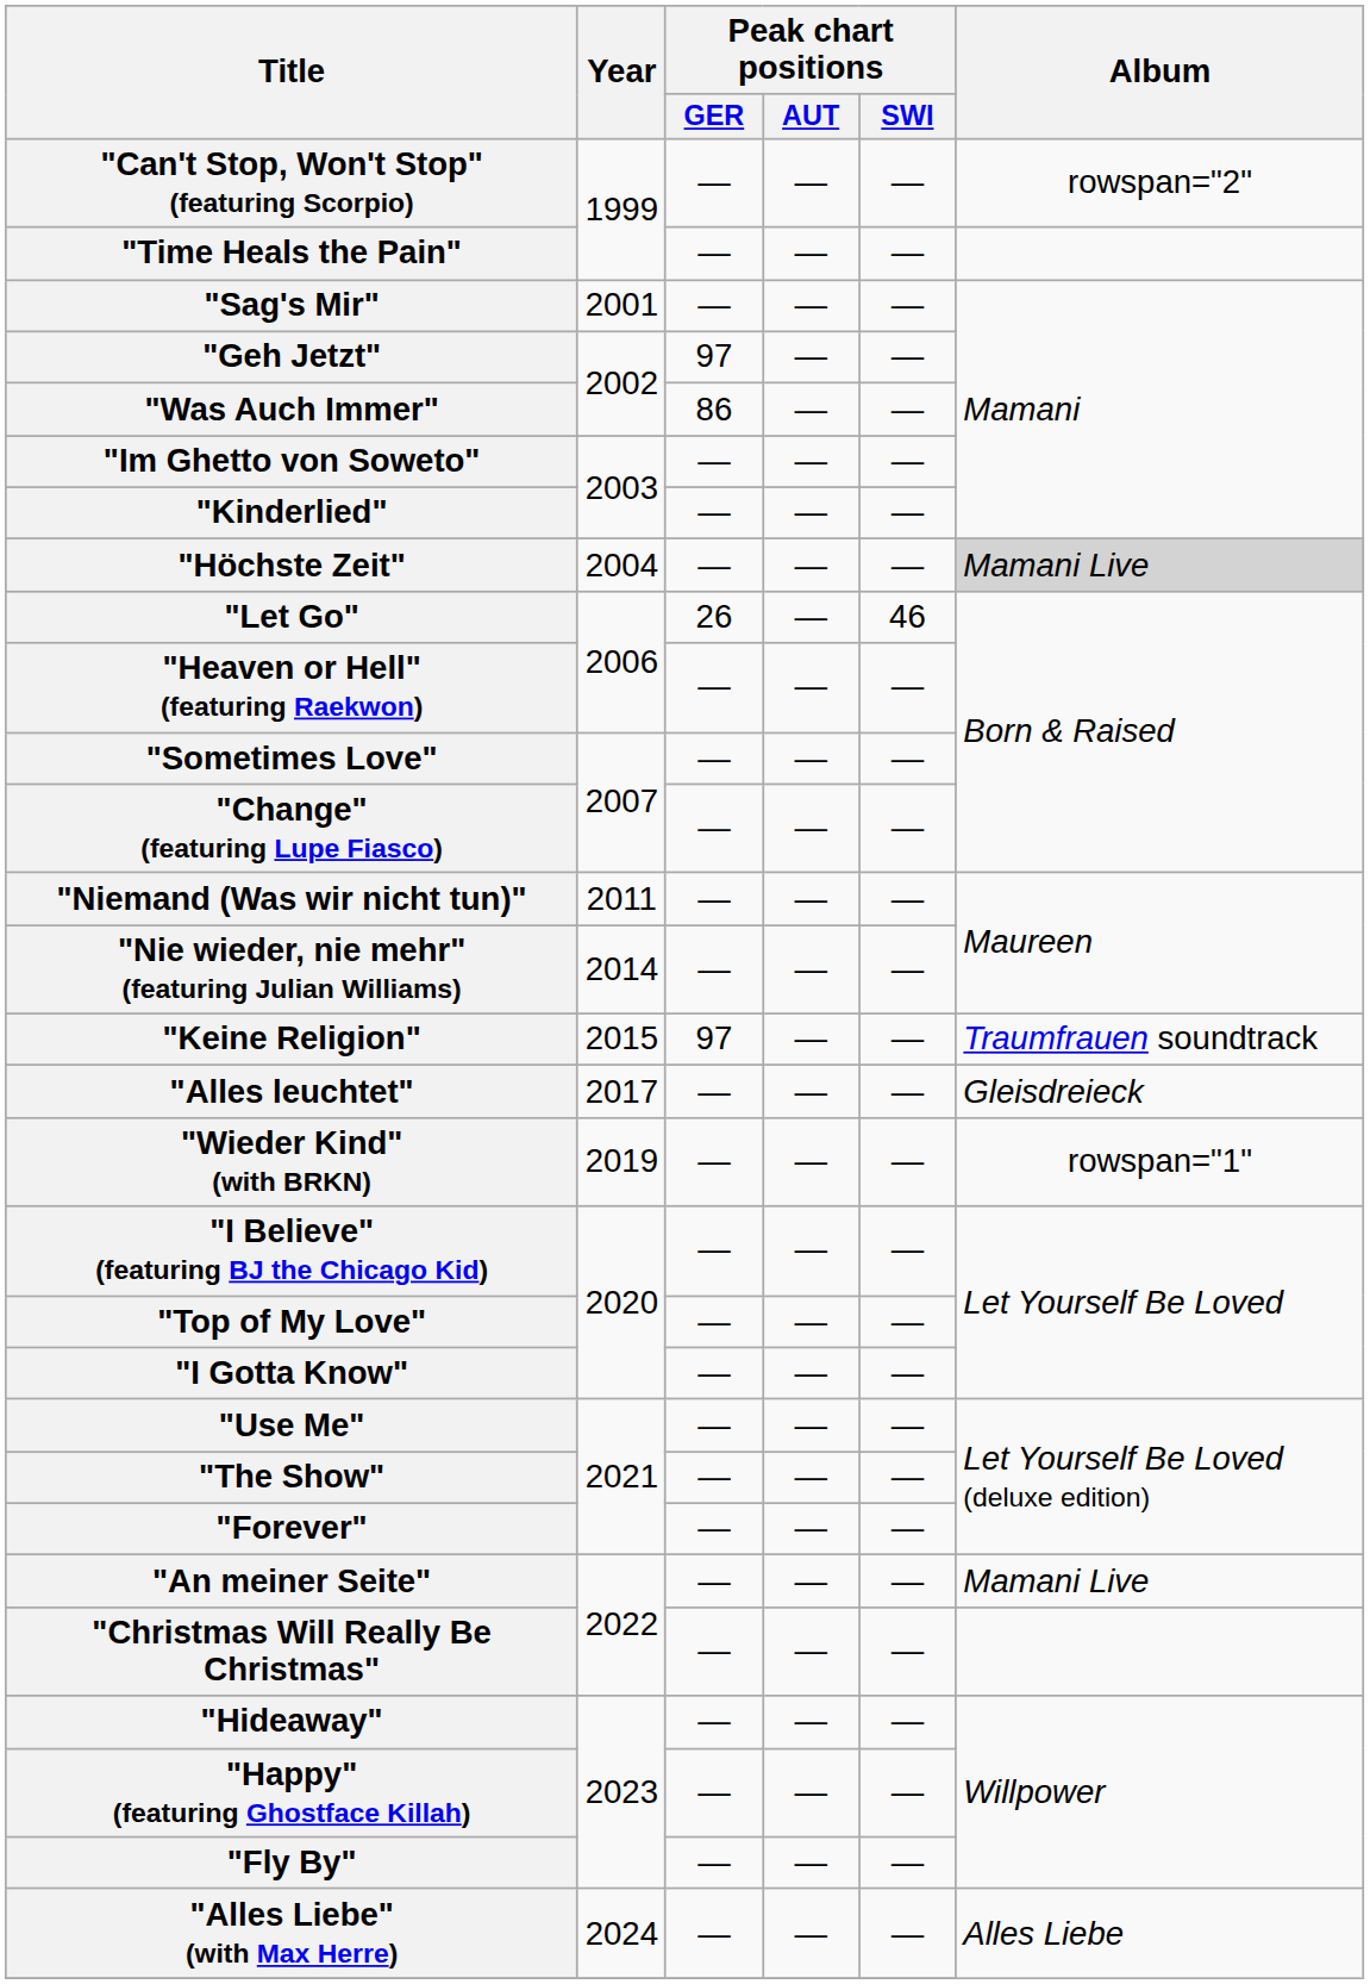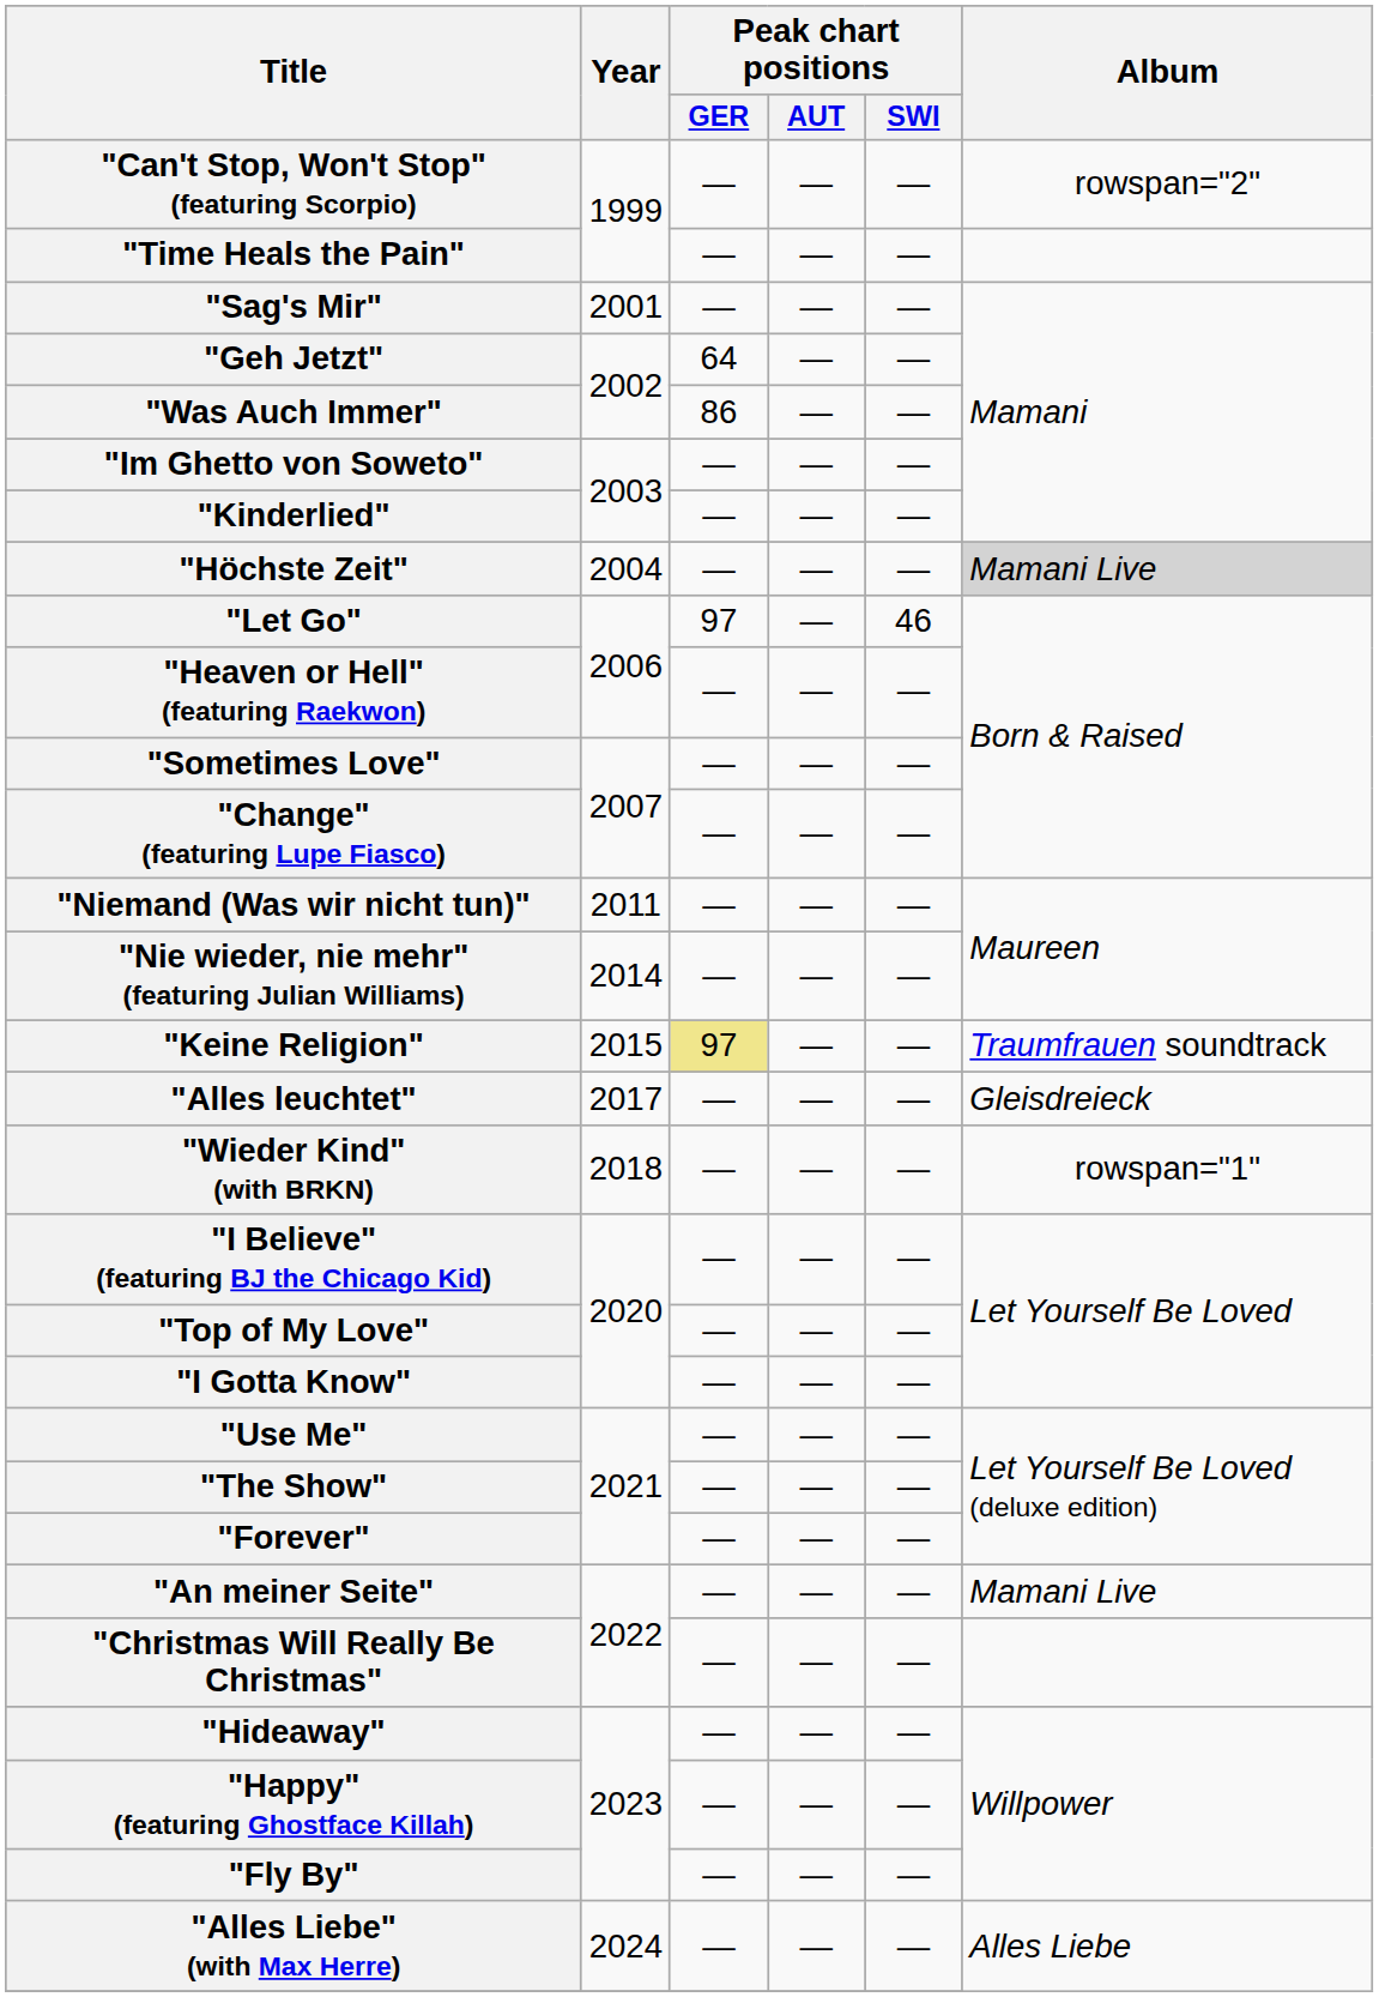 <table class="wikitable plainrowheaders" style="text-align:center;">
 <tr>
 <th scope="col" rowspan="2" style="width:17em;">Title</th>
 <th scope="col" rowspan="2">Year</th>
 <th scope="col" colspan="3">Peak chart positions</th>
 <th scope="col" rowspan="2" style="width:12em;">Album</th>
 </tr>
 <tr>
 <th style="width:3em;font-size:85%"><a href='#'>GER</a><br></th>
 <th style="width:3em;font-size:85%"><a href='#'>AUT</a><br></th>
 <th style="width:3em;font-size:85%"><a href='#'>SWI</a><br></th>
 </tr>
 <tr>
 <th scope="row">"Can't Stop, Won't Stop" <br><small>(featuring Scorpio)</small></th>
 <td style="text-align:center;" rowspan="2">1999</td>
 <td style="text-align:center;">—</td>
 <td style="text-align:center;">—</td>
 <td style="text-align:center;">—</td>
 <td>rowspan="2" </td>
 </tr>
 <tr>
 <th scope="row">"Time Heals the Pain"</th>
 <td style="text-align:center;">—</td>
 <td style="text-align:center;">—</td>
 <td style="text-align:center;">—</td>
 </tr>
 <tr>
 <th scope="row">"Sag's Mir"</th>
 <td style="text-align:center;">2001</td>
 <td style="text-align:center;">—</td>
 <td style="text-align:center;">—</td>
 <td style="text-align:center;">—</td>
 <td style="text-align:left;" rowspan="5"><em>Mamani</em></td>
 </tr>
 <tr>
 <th scope="row">"Geh Jetzt"</th>
 <td style="text-align:center;" rowspan="2">2002</td>
-<td style="text-align:center;">97</td>
+<td style="text-align:center;">64</td>
 <td style="text-align:center;">—</td>
 <td style="text-align:center;">—</td>
 </tr>
 <tr>
 <th scope="row">"Was Auch Immer"</th>
 <td style="text-align:center;">86</td>
 <td style="text-align:center;">—</td>
 <td style="text-align:center;">—</td>
 </tr>
 <tr>
 <th scope="row">"Im Ghetto von Soweto"</th>
 <td style="text-align:center;" rowspan="2">2003</td>
 <td style="text-align:center;">—</td>
 <td style="text-align:center;">—</td>
 <td style="text-align:center;">—</td>
 </tr>
 <tr>
 <th scope="row">"Kinderlied"</th>
 <td style="text-align:center;">—</td>
 <td style="text-align:center;">—</td>
 <td style="text-align:center;">—</td>
 </tr>
 <tr>
 <th scope="row">"Höchste Zeit"</th>
 <td style="text-align:center;">2004</td>
 <td style="text-align:center;">—</td>
 <td style="text-align:center;">—</td>
 <td style="text-align:center;">—</td>
 <td style="background: lightgrey; text-align:left;"><em>Mamani Live</em></td>
 </tr>
 <tr>
 <th scope="row">"Let Go"</th>
 <td style="text-align:center;" rowspan="2">2006</td>
-<td style="text-align:center;">26</td>
+<td style="text-align:center;">97</td>
 <td style="text-align:center;">—</td>
 <td style="text-align:center;">46</td>
 <td style="text-align:left;" rowspan="4"><em>Born & Raised</em></td>
 </tr>
 <tr>
 <th scope="row">"Heaven or Hell" <br><small>(featuring <a href='#'>Raekwon</a>)</small></th>
 <td style="text-align:center;">—</td>
 <td style="text-align:center;">—</td>
 <td style="text-align:center;">—</td>
 </tr>
 <tr>
 <th scope="row">"Sometimes Love"</th>
 <td style="text-align:center;" rowspan="2">2007</td>
 <td style="text-align:center;">—</td>
 <td style="text-align:center;">—</td>
 <td style="text-align:center;">—</td>
 </tr>
 <tr>
 <th scope="row">"Change" <br><small>(featuring <a href='#'>Lupe Fiasco</a>)</small></th>
 <td style="text-align:center;">—</td>
 <td style="text-align:center;">—</td>
 <td style="text-align:center;">—</td>
 </tr>
 <tr>
 <th scope="row">"Niemand (Was wir nicht tun)"</th>
 <td style="text-align:center;">2011</td>
 <td style="text-align:center;">—</td>
 <td style="text-align:center;">—</td>
 <td style="text-align:center;">—</td>
 <td style="text-align:left;" rowspan="2"><em>Maureen</em></td>
 </tr>
 <tr>
 <th scope="row">"Nie wieder, nie mehr" <br><small>(featuring Julian Williams)</small></th>
 <td style="text-align:center;">2014</td>
 <td style="text-align:center;">—</td>
 <td style="text-align:center;">—</td>
 <td style="text-align:center;">—</td>
 </tr>
 <tr>
 <th scope="row">"Keine Religion"</th>
 <td style="text-align:center;">2015</td>
-<td style="text-align:center;">97</td>
+<td style="background: khaki; text-align:center;">97</td>
 <td style="text-align:center;">—</td>
 <td style="text-align:center;">—</td>
 <td style="text-align:left;"><em><a href='#'>Traumfrauen</a></em> soundtrack</td>
 </tr>
 <tr>
 <th scope="row">"Alles leuchtet"</th>
 <td style="text-align:center;">2017</td>
 <td style="text-align:center;">—</td>
 <td style="text-align:center;">—</td>
 <td style="text-align:center;">—</td>
 <td style="text-align:left;"><em>Gleisdreieck</em></td>
 </tr>
 <tr>
 <th scope="row">"Wieder Kind" <br><small>(with BRKN)</small></th>
-<td style="text-align:center;">2019</td>
+<td style="text-align:center;">2018</td>
 <td style="text-align:center;">—</td>
 <td style="text-align:center;">—</td>
 <td style="text-align:center;">—</td>
 <td>rowspan="1" </td>
 </tr>
 <tr>
 <th scope="row">"I Believe" <br><small>(featuring <a href='#'>BJ the Chicago Kid</a>)</small></th>
 <td style="text-align:center;" rowspan="3">2020</td>
 <td style="text-align:center;">—</td>
 <td style="text-align:center;">—</td>
 <td style="text-align:center;">—</td>
 <td style="text-align:left;" rowspan="3"><em>Let Yourself Be Loved</em></td>
 </tr>
 <tr>
 <th scope="row">"Top of My Love"</th>
 <td style="text-align:center;">—</td>
 <td style="text-align:center;">—</td>
 <td style="text-align:center;">—</td>
 </tr>
 <tr>
 <th scope="row">"I Gotta Know"</th>
 <td style="text-align:center;">—</td>
 <td style="text-align:center;">—</td>
 <td style="text-align:center;">—</td>
 </tr>
 <tr>
 <th scope="row">"Use Me"</th>
 <td style="text-align:center;" rowspan="3">2021</td>
 <td style="text-align:center;">—</td>
 <td style="text-align:center;">—</td>
 <td style="text-align:center;">—</td>
 <td style="text-align:left;" rowspan="3"><em>Let Yourself Be Loved</em> <br><small>(deluxe edition)</small></td>
 </tr>
 <tr>
 <th scope="row">"The Show"</th>
 <td style="text-align:center;">—</td>
 <td style="text-align:center;">—</td>
 <td style="text-align:center;">—</td>
 </tr>
 <tr>
 <th scope="row">"Forever"</th>
 <td style="text-align:center;">—</td>
 <td style="text-align:center;">—</td>
 <td style="text-align:center;">—</td>
 </tr>
 <tr>
 <th scope="row">"An meiner Seite"</th>
 <td style="text-align:center;" rowspan="2">2022</td>
 <td style="text-align:center;">—</td>
 <td style="text-align:center;">—</td>
 <td style="text-align:center;">—</td>
 <td style="text-align:left;"><em>Mamani Live</em></td>
 </tr>
 <tr>
 <th scope="row">"Christmas Will Really Be Christmas"</th>
 <td style="text-align:center;">—</td>
 <td style="text-align:center;">—</td>
 <td style="text-align:center;">—</td>
 </tr>
 <tr>
 <th scope="row">"Hideaway"</th>
 <td style="text-align:center;" rowspan="3">2023</td>
 <td style="text-align:center;">—</td>
 <td style="text-align:center;">—</td>
 <td style="text-align:center;">—</td>
 <td style="text-align:left;" rowspan="3"><em>Willpower</em></td>
 </tr>
 <tr>
 <th scope="row">"Happy" <br><small>(featuring <a href='#'>Ghostface Killah</a>)</small></th>
 <td style="text-align:center;">—</td>
 <td style="text-align:center;">—</td>
 <td style="text-align:center;">—</td>
 </tr>
 <tr>
 <th scope="row">"Fly By"</th>
 <td style="text-align:center;">—</td>
 <td style="text-align:center;">—</td>
 <td style="text-align:center;">—</td>
 </tr>
 <tr>
 <th scope="row">"Alles Liebe" <br><small>(with <a href='#'>Max Herre</a>)</small></th>
 <td style="text-align:center;" rowspan="1">2024</td>
 <td style="text-align:center;">—</td>
 <td style="text-align:center;">—</td>
 <td style="text-align:center;">—</td>
 <td style="text-align:left;" rowspan="3"><em>Alles Liebe</em></td>
 </tr>
 <tr>
 </tr>
 </table>
